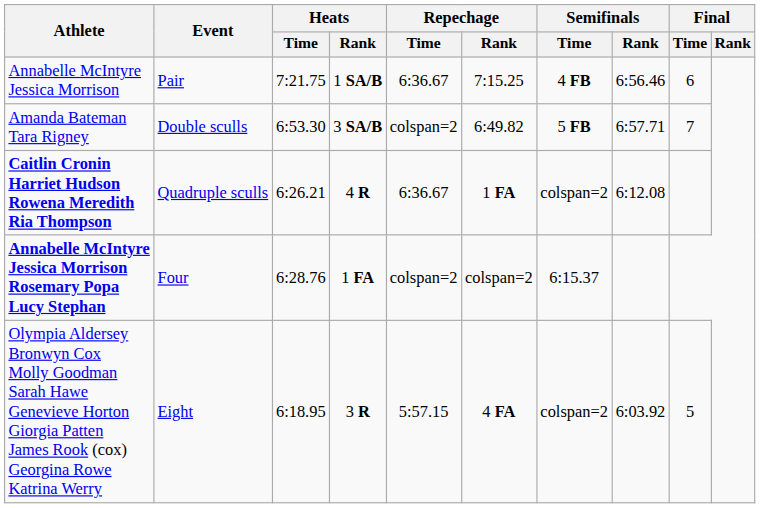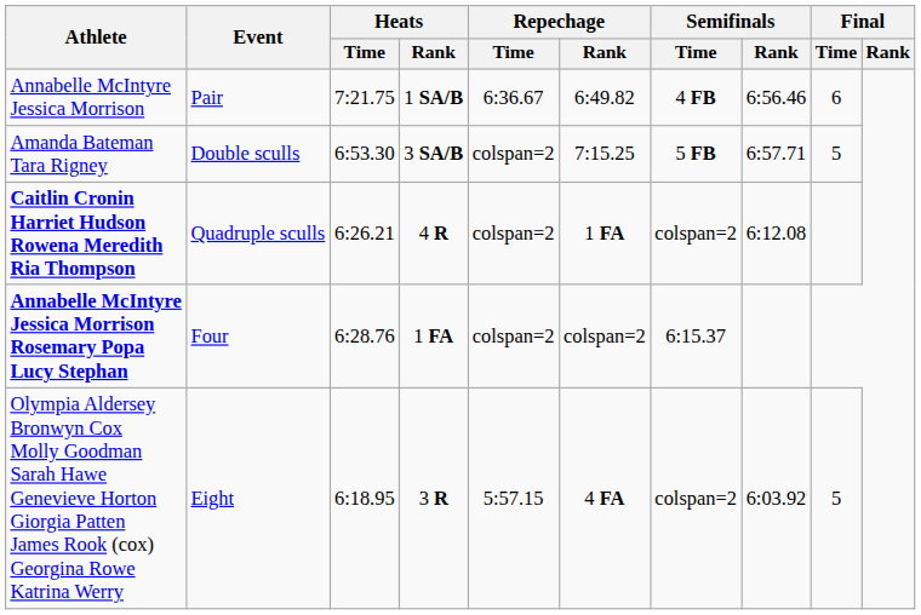 <table class=wikitable style=font-size:90%;text-align:center>
 <tr>
 <th rowspan=2>Athlete</th>
 <th rowspan=2>Event</th>
 <th colspan=2>Heats</th>
 <th colspan=2>Repechage</th>
 <th colspan=2>Semifinals</th>
 <th colspan=2>Final</th>
 </tr>
 <tr style=font-size:95%>
 <th>Time</th>
 <th>Rank</th>
 <th>Time</th>
 <th>Rank</th>
 <th>Time</th>
 <th>Rank</th>
 <th>Time</th>
 <th>Rank</th>
 </tr>
 <tr>
 <td align=left><a href='#'>Annabelle McIntyre</a><br><a href='#'>Jessica Morrison</a></td>
 <td align=left><a href='#'>Pair</a></td>
 <td>7:21.75</td>
 <td>1 <strong>SA/B</strong></td>
 <td>6:36.67</td>
-<td>7:15.25</td>
+<td>6:49.82</td>
 <td>4 <strong>FB</strong></td>
 <td>6:56.46</td>
 <td>6</td>
 </tr>
 <tr>
 <td align=left><a href='#'>Amanda Bateman</a><br><a href='#'>Tara Rigney</a></td>
 <td align=left><a href='#'>Double sculls</a></td>
 <td>6:53.30</td>
 <td>3 <strong>SA/B</strong></td>
 <td>colspan=2 </td>
-<td>6:49.82</td>
+<td>7:15.25</td>
 <td>5 <strong>FB</strong></td>
 <td>6:57.71</td>
-<td>7</td>
+<td>5</td>
 </tr>
 <tr>
 <td align=left><strong><a href='#'>Caitlin Cronin</a><br><a href='#'>Harriet Hudson</a><br><a href='#'>Rowena Meredith</a><br><a href='#'>Ria Thompson</a></strong></td>
 <td align=left><a href='#'>Quadruple sculls</a></td>
 <td>6:26.21</td>
 <td>4 <strong>R</strong></td>
-<td>6:36.67</td>
+<td>colspan=2 </td>
 <td>1 <strong>FA</strong></td>
 <td>colspan=2 </td>
 <td>6:12.08</td>
 <td></td>
 </tr>
 <tr>
 <td align=left><strong><a href='#'>Annabelle McIntyre</a><br><a href='#'>Jessica Morrison</a><br><a href='#'>Rosemary Popa</a><br><a href='#'>Lucy Stephan</a></strong></td>
 <td align=left><a href='#'>Four</a></td>
 <td>6:28.76 </td>
 <td>1 <strong>FA</strong></td>
 <td>colspan=2 </td>
 <td>colspan=2 </td>
 <td>6:15.37 </td>
 <td></td>
 </tr>
 <tr>
 <td align=left><a href='#'>Olympia Aldersey</a><br><a href='#'>Bronwyn Cox</a><br><a href='#'>Molly Goodman</a><br><a href='#'>Sarah Hawe</a><br><a href='#'>Genevieve Horton</a><br><a href='#'>Giorgia Patten</a><br><a href='#'>James Rook</a> (cox)<br><a href='#'>Georgina Rowe</a><br><a href='#'>Katrina Werry</a></td>
 <td align=left><a href='#'>Eight</a></td>
 <td>6:18.95</td>
 <td>3 <strong>R</strong></td>
 <td>5:57.15</td>
 <td>4 <strong>FA</strong></td>
 <td>colspan=2 </td>
 <td>6:03.92</td>
 <td>5</td>
 </tr>
 </table>
